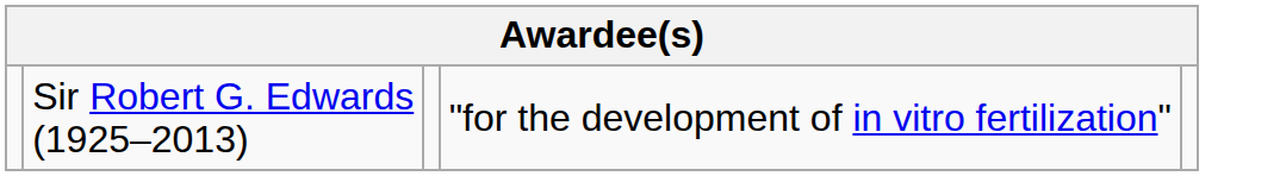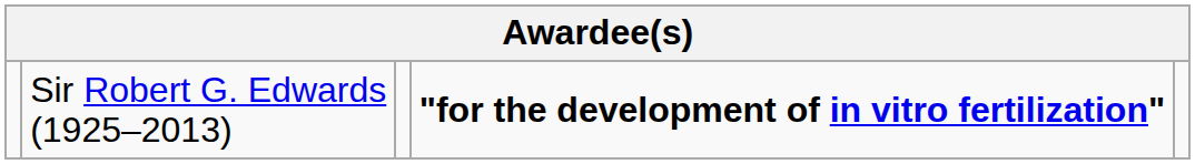 <table class="wikitable">
 <tr>
 <th colspan="5">Awardee(s)</th>
 </tr>
 <tr>
 <td></td>
 <td>Sir <a href='#'>Robert G. Edwards</a><br>(1925–2013)</td>
 <td></td>
-<td>"for the development of <a href='#'>in vitro fertilization</a>"</td>
+<td><strong>"for the development of <a href='#'>in vitro fertilization</a>"</strong></td>
 <td></td>
 </tr>
 </table>
